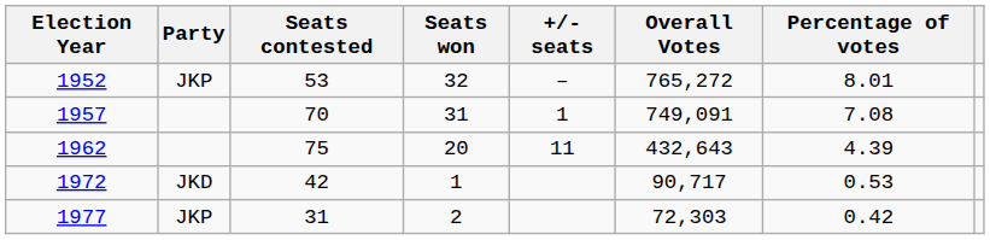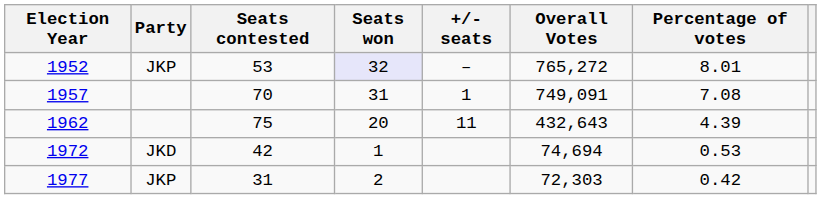 <table class="wikitable" style="text-align:center">
 <tr>
 <th style="background-color:">Election Year</th>
 <th style="background-color:">Party</th>
 <th style="background-color:">Seats contested</th>
 <th style="background-color:">Seats won</th>
 <th style="background-color:">+/- seats</th>
 <th style="background-color:">Overall Votes</th>
 <th style="background-color:">Percentage of votes</th>
 <th style="background-color:"></th>
 </tr>
 <tr>
 <td><a href='#'>1952</a></td>
 <td>JKP</td>
 <td>53</td>
-<td>32</td>
+<td style="background: lavender;">32</td>
 <td>–</td>
 <td>765,272</td>
 <td>8.01</td>
 <td></td>
 </tr>
 <tr>
 <td><a href='#'>1957</a></td>
 <td></td>
 <td>70</td>
 <td>31</td>
 <td> 1</td>
 <td>749,091</td>
 <td>7.08</td>
 <td></td>
 </tr>
 <tr>
 <td><a href='#'>1962</a></td>
 <td></td>
 <td>75</td>
 <td>20</td>
 <td> 11</td>
 <td>432,643</td>
 <td>4.39</td>
 <td></td>
 </tr>
 <tr>
 <td><a href='#'>1972</a></td>
 <td>JKD</td>
 <td>42</td>
 <td>1</td>
 <td></td>
-<td>90,717</td>
+<td>74,694</td>
 <td>0.53</td>
 <td></td>
 </tr>
 <tr>
 <td><a href='#'>1977</a></td>
 <td>JKP</td>
 <td>31</td>
 <td>2</td>
 <td></td>
 <td>72,303</td>
 <td>0.42</td>
 <td><br></td>
 </tr>
 </table>
